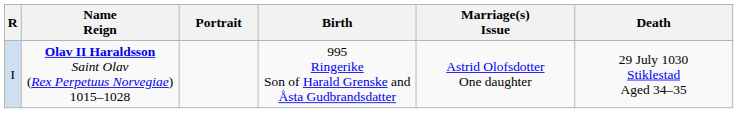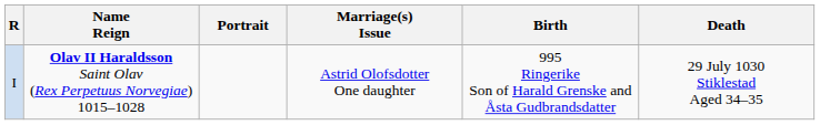 <table style="text-align:center" class="wikitable">
 <tr>
 <th width=1%>R</th>
 <th width=20%>Name<br>Reign</th>
 <th width=10%>Portrait</th>
+<th width=20%>Marriage(s)<br>Issue</th>
 <th width=20%>Birth</th>
-<th width=20%>Marriage(s)<br>Issue</th>
 <th width=20%>Death</th>
 </tr>
 <tr>
 <td style="background-color:#CEDFF2; text-align:center">I</td>
 <td><strong><a href='#'>Olav II Haraldsson</a></strong><br><em>Saint Olav</em><br>(<em><a href='#'>Rex Perpetuus Norvegiae</a></em>)<br>1015–1028</td>
 <td></td>
+<td><a href='#'>Astrid Olofsdotter</a><br>One daughter</td>
 <td> 995<br><a href='#'>Ringerike</a><br>Son of <a href='#'>Harald Grenske</a> and <a href='#'>Åsta Gudbrandsdatter</a></td>
-<td><a href='#'>Astrid Olofsdotter</a><br>One daughter</td>
 <td>29 July 1030<br><a href='#'>Stiklestad</a><br>Aged 34–35</td>
 </tr>
 </table>
